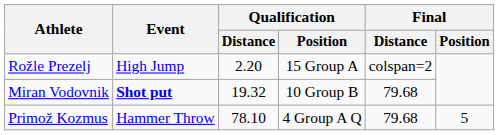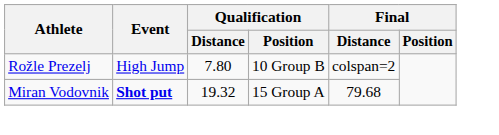 <table class=wikitable style="font-size:90%">
 <tr>
 <th rowspan="2">Athlete</th>
 <th rowspan="2">Event</th>
 <th colspan="2">Qualification</th>
 <th colspan="2">Final</th>
 </tr>
 <tr style="font-size:95%">
 <th>Distance</th>
 <th>Position</th>
 <th>Distance</th>
 <th>Position</th>
 </tr>
 <tr style=text-align:center>
 <td style=text-align:left><a href='#'>Rožle Prezelj</a></td>
 <td style=text-align:left><a href='#'>High Jump</a></td>
-<td>2.20</td>
-<td>15 Group A</td>
+<td>7.80</td>
+<td>10 Group B</td>
 <td>colspan=2 </td>
 </tr>
 <tr style=text-align:center>
 <td style=text-align:left><a href='#'>Miran Vodovnik</a></td>
 <td style=text-align:left><strong><a href='#'>Shot put</a></strong></td>
 <td>19.32</td>
-<td>10 Group B</td>
+<td>15 Group A</td>
 <td>79.68</td>
 </tr>
-<tr style=text-align:center>
-<td style=text-align:left><a href='#'>Primož Kozmus</a></td>
-<td style=text-align:left><a href='#'>Hammer Throw</a></td>
-<td>78.10</td>
-<td>4 Group A Q</td>
-<td>79.68</td>
-<td>5</td>
-</tr>
 </table>
